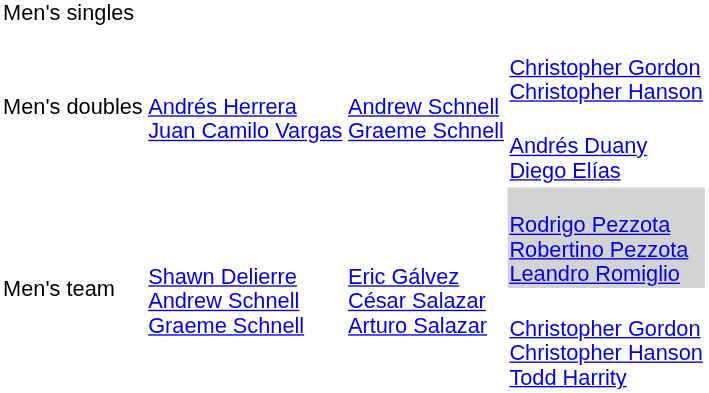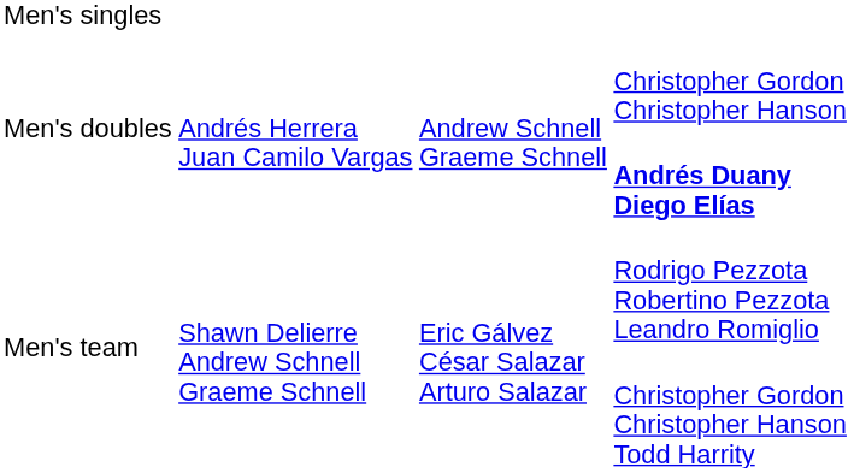 <table>
 <tr>
 <td rowspan=2>Men's singles<br></td>
 <td rowspan=2></td>
 <td rowspan=2></td>
 <td></td>
 </tr>
 <tr>
 <td></td>
 </tr>
 <tr>
 <td rowspan=2>Men's doubles<br></td>
 <td rowspan=2><br><a href='#'>Andrés Herrera</a><br><a href='#'>Juan Camilo Vargas</a></td>
 <td rowspan=2><br><a href='#'>Andrew Schnell</a><br><a href='#'>Graeme Schnell</a></td>
 <td><br><a href='#'>Christopher Gordon</a><br><a href='#'>Christopher Hanson</a></td>
 </tr>
 <tr>
-<td><br><a href='#'>Andrés Duany</a><br><a href='#'>Diego Elías</a></td>
+<td><strong><br><a href='#'>Andrés Duany</a><br><a href='#'>Diego Elías</a></strong></td>
 </tr>
 <tr>
 <td rowspan=2>Men's team<br></td>
 <td rowspan=2><br><a href='#'>Shawn Delierre</a><br><a href='#'>Andrew Schnell</a><br><a href='#'>Graeme Schnell</a></td>
 <td rowspan=2><br><a href='#'>Eric Gálvez</a><br><a href='#'>César Salazar</a><br><a href='#'>Arturo Salazar</a></td>
-<td style="background: lightgrey;"><br><a href='#'>Rodrigo Pezzota</a><br><a href='#'>Robertino Pezzota</a><br><a href='#'>Leandro Romiglio</a></td>
+<td><br><a href='#'>Rodrigo Pezzota</a><br><a href='#'>Robertino Pezzota</a><br><a href='#'>Leandro Romiglio</a></td>
 </tr>
 <tr>
 <td><br><a href='#'>Christopher Gordon</a><br><a href='#'>Christopher Hanson</a><br><a href='#'>Todd Harrity</a></td>
 </tr>
 </table>
